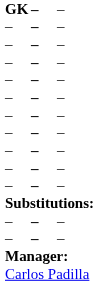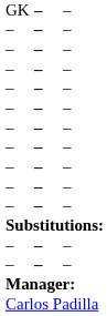 <table style = "font-size: 90%" cellspacing = "0" cellpadding = "0">
 <tr>
 <td colspan = 4></td>
 </tr>
 <tr>
 <th style="width:25px;"></th>
 <th style="width:25px;"></th>
 </tr>
 <tr>
-<td><strong>GK</strong></td>
+<td>GK</td>
 <td><strong>–</strong></td>
 <td>–</td>
 </tr>
 <tr>
 <td>–</td>
 <td><strong>–</strong></td>
 <td>–</td>
 </tr>
 <tr>
 <td>–</td>
 <td><strong>–</strong></td>
 <td>–</td>
 </tr>
 <tr>
 <td>–</td>
 <td><strong>–</strong></td>
 <td>–</td>
 </tr>
 <tr>
 <td>–</td>
 <td><strong>–</strong></td>
 <td>–</td>
 </tr>
 <tr>
 <td>–</td>
 <td><strong>–</strong></td>
 <td>–</td>
 </tr>
 <tr>
 <td>–</td>
 <td><strong>–</strong></td>
 <td>–</td>
 </tr>
 <tr>
 <td>–</td>
 <td><strong>–</strong></td>
 <td>–</td>
 </tr>
 <tr>
 <td>–</td>
 <td><strong>–</strong></td>
 <td>–</td>
 </tr>
 <tr>
 <td>–</td>
 <td><strong>–</strong></td>
 <td>–</td>
 </tr>
 <tr>
 <td>–</td>
 <td><strong>–</strong></td>
 <td>–</td>
 </tr>
 <tr>
 <td colspan = 3><strong>Substitutions:</strong></td>
 </tr>
 <tr>
 <td>–</td>
 <td><strong>–</strong></td>
 <td>–</td>
 </tr>
 <tr>
 <td>–</td>
 <td><strong>–</strong></td>
 <td>–</td>
 </tr>
 <tr>
 <td colspan = 3><strong>Manager:</strong></td>
 </tr>
 <tr>
 <td colspan = 3> <a href='#'>Carlos Padilla</a></td>
 </tr>
 </table>
